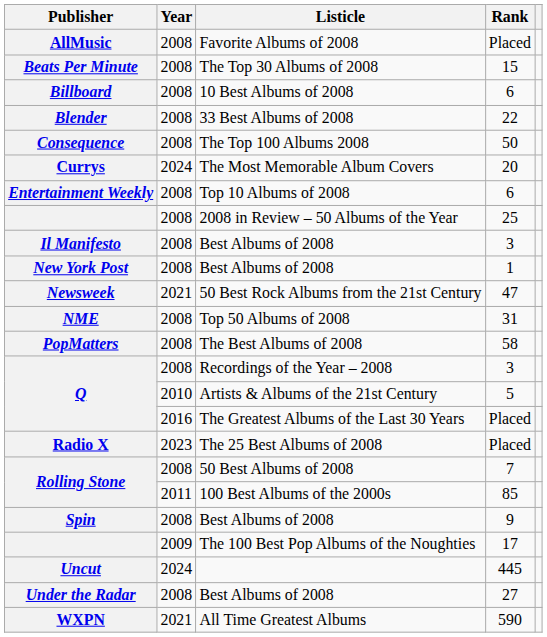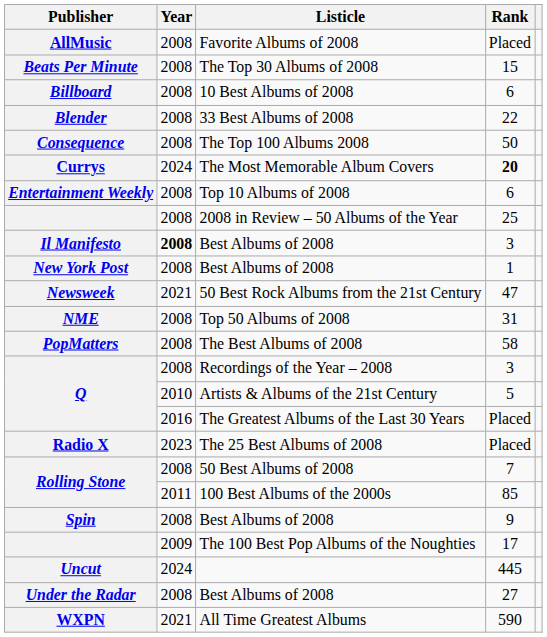 <table class="wikitable plainrowheaders sortable" style="text-align:center">
 <tr>
 <th scope="col">Publisher</th>
 <th scope="col">Year</th>
 <th scope="col">Listicle</th>
 <th scope="col">Rank</th>
 <th scope="col" class="unsortable"></th>
 </tr>
 <tr>
 <th scope="row"><a href='#'>AllMusic</a></th>
 <td>2008</td>
 <td style="text-align: left;">Favorite Albums of 2008</td>
 <td>Placed</td>
 <td></td>
 </tr>
 <tr>
 <th scope="row"><em><a href='#'>Beats Per Minute</a></em></th>
 <td>2008</td>
 <td style="text-align: left;">The Top 30 Albums of 2008</td>
 <td>15</td>
 <td></td>
 </tr>
 <tr>
 <th scope="row"><em><a href='#'>Billboard</a></em></th>
 <td>2008</td>
 <td style="text-align: left;">10 Best Albums of 2008</td>
 <td>6</td>
 <td></td>
 </tr>
 <tr>
 <th scope="row"><em><a href='#'>Blender</a></em></th>
 <td>2008</td>
 <td style="text-align: left;">33 Best Albums of 2008</td>
 <td>22</td>
 <td></td>
 </tr>
 <tr>
 <th scope="row"><em><a href='#'>Consequence</a></em></th>
 <td>2008</td>
 <td style="text-align: left;">The Top 100 Albums 2008</td>
 <td>50</td>
 <td></td>
 </tr>
 <tr>
 <th scope="row"><a href='#'>Currys</a></th>
 <td>2024</td>
 <td style="text-align: left;">The Most Memorable Album Covers</td>
-<td>20</td>
+<td><strong>20</strong></td>
 <td></td>
 </tr>
 <tr>
 <th scope="row"><em><a href='#'>Entertainment Weekly</a></em></th>
 <td>2008</td>
 <td style="text-align: left;">Top 10 Albums of 2008</td>
 <td>6</td>
 <td></td>
 </tr>
 <tr>
 <th scope="row"></th>
 <td>2008</td>
 <td style="text-align: left;">2008 in Review – 50 Albums of the Year</td>
 <td>25</td>
 <td></td>
 </tr>
 <tr>
 <th scope="row"><em><a href='#'>Il Manifesto</a></em></th>
-<td>2008</td>
+<td><strong>2008</strong></td>
 <td style="text-align: left;">Best Albums of 2008</td>
 <td>3</td>
 <td></td>
 </tr>
 <tr>
 <th scope="row"><em><a href='#'>New York Post</a></em></th>
 <td>2008</td>
 <td style="text-align: left;">Best Albums of 2008</td>
 <td>1</td>
 <td></td>
 </tr>
 <tr>
 <th scope="row"><em><a href='#'>Newsweek</a></em></th>
 <td>2021</td>
 <td style="text-align: left;">50 Best Rock Albums from the 21st Century</td>
 <td>47</td>
 <td></td>
 </tr>
 <tr>
 <th scope="row"><em><a href='#'>NME</a></em></th>
 <td>2008</td>
 <td style="text-align: left;">Top 50 Albums of 2008</td>
 <td>31</td>
 <td></td>
 </tr>
 <tr>
 <th scope="row"><em><a href='#'>PopMatters</a></em></th>
 <td>2008</td>
 <td style="text-align: left;">The Best Albums of 2008</td>
 <td>58</td>
 <td></td>
 </tr>
 <tr>
 <th rowspan="3" scope="row"><em><a href='#'>Q</a></em></th>
 <td>2008</td>
 <td style="text-align: left;">Recordings of the Year – 2008</td>
 <td>3</td>
 <td></td>
 </tr>
 <tr>
 <td>2010</td>
 <td style="text-align: left;">Artists & Albums of the 21st Century</td>
 <td>5</td>
 <td></td>
 </tr>
 <tr>
 <td>2016</td>
 <td style="text-align: left;">The Greatest Albums of the Last 30 Years</td>
 <td>Placed</td>
 <td></td>
 </tr>
 <tr>
 <th scope="row"><a href='#'>Radio X</a></th>
 <td>2023</td>
 <td style="text-align: left;">The 25 Best Albums of 2008</td>
 <td>Placed</td>
 <td></td>
 </tr>
 <tr>
 <th rowspan="2" scope="row"><em><a href='#'>Rolling Stone</a></em></th>
 <td>2008</td>
 <td style="text-align: left;">50 Best Albums of 2008</td>
 <td>7</td>
 <td></td>
 </tr>
 <tr>
 <td>2011</td>
 <td style="text-align: left;">100 Best Albums of the 2000s</td>
 <td>85</td>
 <td></td>
 </tr>
 <tr>
 <th scope="row"><em><a href='#'>Spin</a></em></th>
 <td>2008</td>
 <td style="text-align: left;">Best Albums of 2008</td>
 <td>9</td>
 <td></td>
 </tr>
 <tr>
 <th scope="row"></th>
 <td>2009</td>
 <td style="text-align: left;">The 100 Best Pop Albums of the Noughties</td>
 <td>17</td>
 <td></td>
 </tr>
 <tr>
 <th scope="row"><em><a href='#'>Uncut</a></em></th>
 <td>2024</td>
 <td style="text-align: left;"></td>
 <td>445</td>
 <td></td>
 </tr>
 <tr>
 <th scope="row"><em><a href='#'>Under the Radar</a></em></th>
 <td>2008</td>
 <td style="text-align: left;">Best Albums of 2008</td>
 <td>27</td>
 <td></td>
 </tr>
 <tr>
 <th scope="row"><a href='#'>WXPN</a></th>
 <td>2021</td>
 <td style="text-align: left;">All Time Greatest Albums</td>
 <td>590</td>
 <td></td>
 </tr>
 </table>
